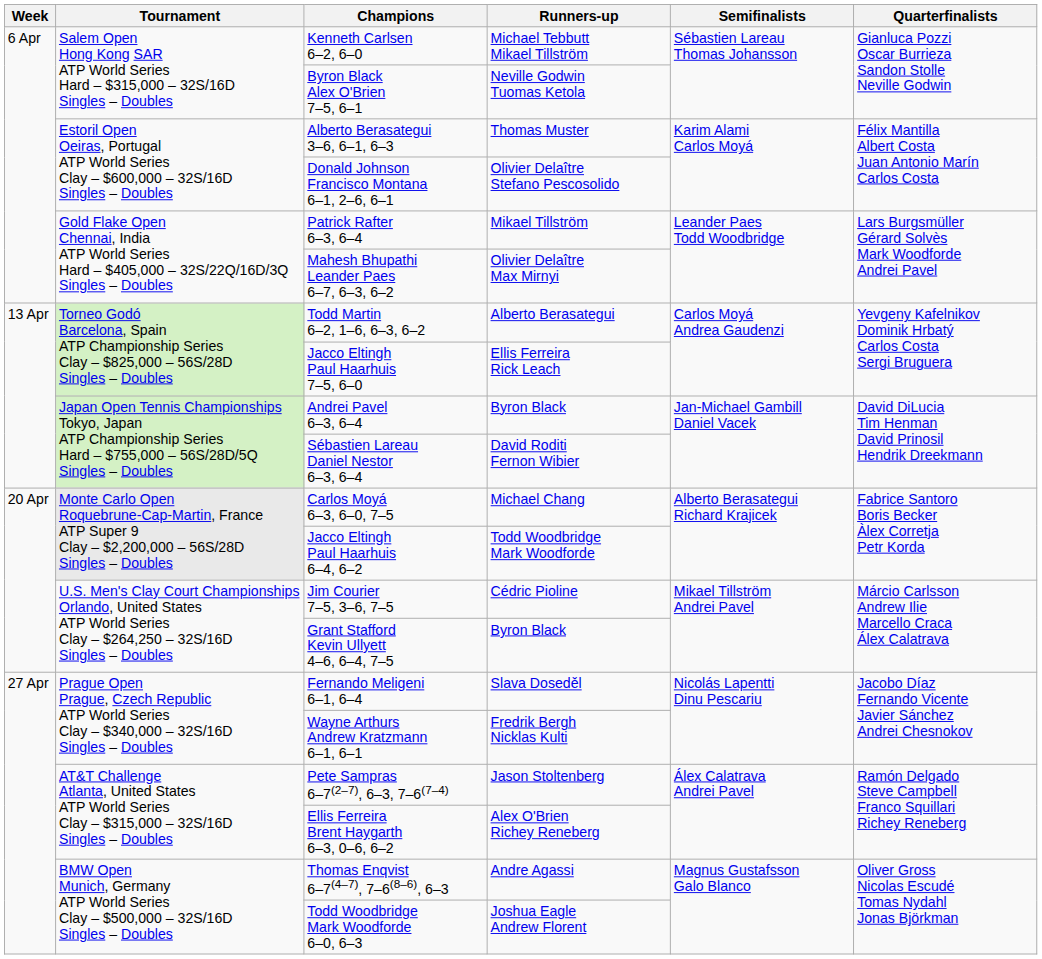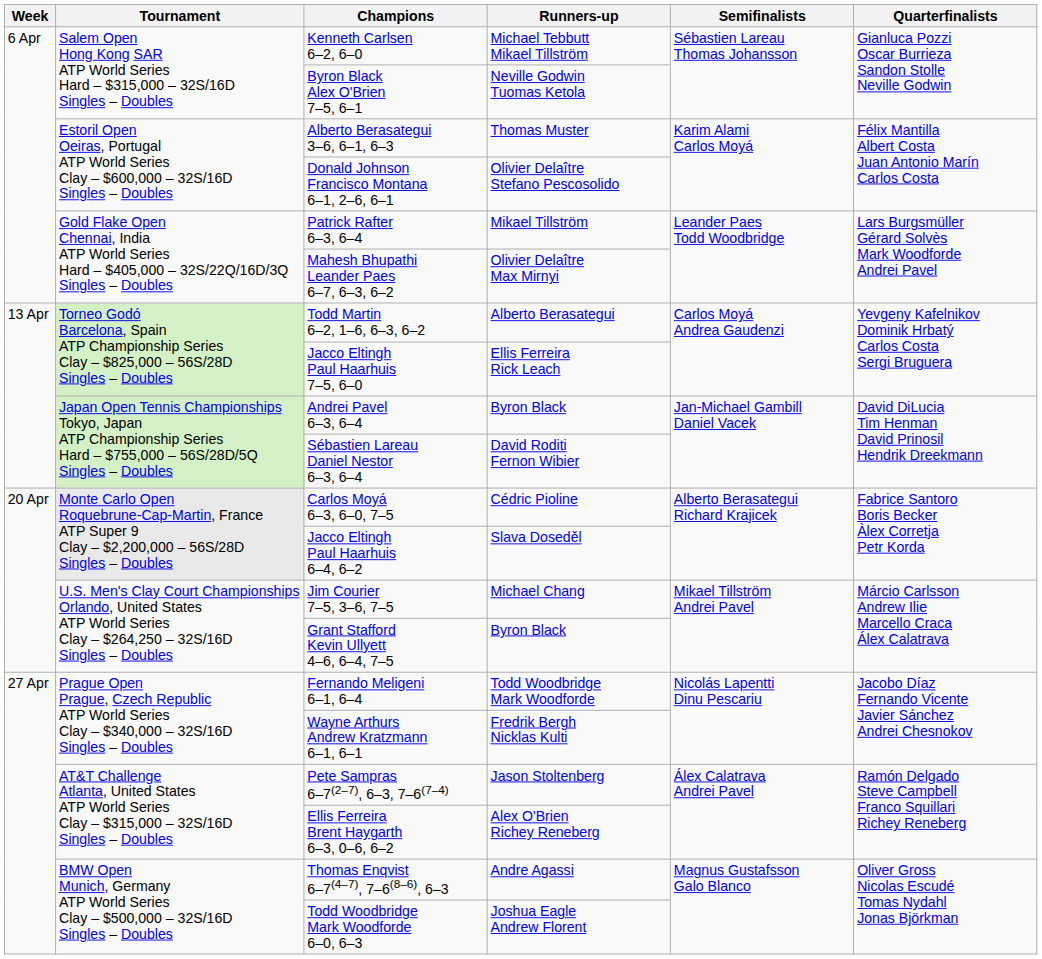 <table class=wikitable style=font-size:95%>
 <tr>
 <th style="width:48px;">Week</th>
 <th style="width:260px;">Tournament</th>
 <th style="width:190px;">Champions</th>
 <th style="width:190px;">Runners-up</th>
 <th style="width:190px;">Semifinalists</th>
 <th style="width:190px;">Quarterfinalists</th>
 </tr>
 <tr valign=top>
 <td rowspan=6>6 Apr</td>
 <td rowspan=2><a href='#'>Salem Open</a><br><a href='#'>Hong Kong</a> <a href='#'>SAR</a><br>ATP World Series<br>Hard – $315,000 – 32S/16D<br><a href='#'>Singles</a> – <a href='#'>Doubles</a></td>
 <td> <a href='#'>Kenneth Carlsen</a><br>6–2, 6–0</td>
 <td> <a href='#'>Michael Tebbutt</a><br> <a href='#'>Mikael Tillström</a></td>
 <td rowspan=2> <a href='#'>Sébastien Lareau</a><br> <a href='#'>Thomas Johansson</a></td>
 <td rowspan=2> <a href='#'>Gianluca Pozzi</a><br> <a href='#'>Oscar Burrieza</a><br> <a href='#'>Sandon Stolle</a><br> <a href='#'>Neville Godwin</a></td>
 </tr>
 <tr valign=top>
 <td> <a href='#'>Byron Black</a><br> <a href='#'>Alex O'Brien</a> <br> 7–5, 6–1</td>
 <td> <a href='#'>Neville Godwin</a><br> <a href='#'>Tuomas Ketola</a></td>
 </tr>
 <tr valign=top>
 <td rowspan=2><a href='#'>Estoril Open</a><br><a href='#'>Oeiras</a>, Portugal<br>ATP World Series<br>Clay – $600,000 – 32S/16D<br><a href='#'>Singles</a> – <a href='#'>Doubles</a></td>
 <td> <a href='#'>Alberto Berasategui</a><br>3–6, 6–1, 6–3</td>
 <td> <a href='#'>Thomas Muster</a></td>
 <td rowspan=2> <a href='#'>Karim Alami</a><br>  <a href='#'>Carlos Moyá</a></td>
 <td rowspan=2> <a href='#'>Félix Mantilla</a><br> <a href='#'>Albert Costa</a><br> <a href='#'>Juan Antonio Marín</a><br> <a href='#'>Carlos Costa</a></td>
 </tr>
 <tr valign=top>
 <td> <a href='#'>Donald Johnson</a><br> <a href='#'>Francisco Montana</a><br>6–1, 2–6, 6–1</td>
 <td> <a href='#'>Olivier Delaître</a><br> <a href='#'>Stefano Pescosolido</a></td>
 </tr>
 <tr valign=top>
 <td rowspan=2><a href='#'>Gold Flake Open</a><br><a href='#'>Chennai</a>, India<br>ATP World Series<br>Hard – $405,000 – 32S/22Q/16D/3Q<br><a href='#'>Singles</a> – <a href='#'>Doubles</a></td>
 <td> <a href='#'>Patrick Rafter</a><br>6–3, 6–4</td>
 <td> <a href='#'>Mikael Tillström</a></td>
 <td rowspan=2> <a href='#'>Leander Paes</a><br>  <a href='#'>Todd Woodbridge</a></td>
 <td rowspan=2> <a href='#'>Lars Burgsmüller</a><br> <a href='#'>Gérard Solvès</a><br> <a href='#'>Mark Woodforde</a><br> <a href='#'>Andrei Pavel</a></td>
 </tr>
 <tr valign=top>
 <td> <a href='#'>Mahesh Bhupathi</a><br> <a href='#'>Leander Paes</a><br>6–7, 6–3, 6–2</td>
 <td> <a href='#'>Olivier Delaître</a><br> <a href='#'>Max Mirnyi</a></td>
 </tr>
 <tr valign=top>
 <td rowspan=4>13 Apr</td>
 <td style="background:#d4f1c5;" rowspan="2"><a href='#'>Torneo Godó</a><br><a href='#'>Barcelona</a>, Spain<br>ATP Championship Series<br>Clay – $825,000 – 56S/28D<br><a href='#'>Singles</a> – <a href='#'>Doubles</a></td>
 <td> <a href='#'>Todd Martin</a><br>6–2, 1–6, 6–3, 6–2</td>
 <td> <a href='#'>Alberto Berasategui</a></td>
 <td rowspan=2> <a href='#'>Carlos Moyá</a><br> <a href='#'>Andrea Gaudenzi</a></td>
 <td rowspan=2> <a href='#'>Yevgeny Kafelnikov</a><br> <a href='#'>Dominik Hrbatý</a><br> <a href='#'>Carlos Costa</a><br> <a href='#'>Sergi Bruguera</a></td>
 </tr>
 <tr valign=top>
 <td> <a href='#'>Jacco Eltingh</a><br> <a href='#'>Paul Haarhuis</a> <br> 7–5, 6–0</td>
 <td> <a href='#'>Ellis Ferreira</a><br> <a href='#'>Rick Leach</a></td>
 </tr>
 <tr valign=top>
 <td style="background:#d4f1c5;" rowspan="2"><a href='#'>Japan Open Tennis Championships</a><br>Tokyo, Japan<br>ATP Championship Series<br>Hard – $755,000 – 56S/28D/5Q<br><a href='#'>Singles</a> – <a href='#'>Doubles</a></td>
 <td> <a href='#'>Andrei Pavel</a><br>6–3, 6–4</td>
 <td> <a href='#'>Byron Black</a></td>
 <td rowspan=2> <a href='#'>Jan-Michael Gambill</a><br>  <a href='#'>Daniel Vacek</a></td>
 <td rowspan=2> <a href='#'>David DiLucia</a><br> <a href='#'>Tim Henman</a><br> <a href='#'>David Prinosil</a><br> <a href='#'>Hendrik Dreekmann</a></td>
 </tr>
 <tr valign=top>
 <td> <a href='#'>Sébastien Lareau</a><br> <a href='#'>Daniel Nestor</a><br>6–3, 6–4</td>
 <td> <a href='#'>David Roditi</a><br> <a href='#'>Fernon Wibier</a></td>
 </tr>
 <tr valign=top>
 <td rowspan=4>20 Apr</td>
 <td style="background:#e9e9e9;" rowspan="2"><a href='#'>Monte Carlo Open</a><br><a href='#'>Roquebrune-Cap-Martin</a>, France<br>ATP Super 9 <br>Clay – $2,200,000 – 56S/28D<br><a href='#'>Singles</a> – <a href='#'>Doubles</a></td>
 <td> <a href='#'>Carlos Moyá</a><br>6–3, 6–0, 7–5</td>
-<td> <a href='#'>Michael Chang</a></td>
+<td> <a href='#'>Cédric Pioline</a></td>
 <td rowspan=2> <a href='#'>Alberto Berasategui</a><br> <a href='#'>Richard Krajicek</a></td>
 <td rowspan=2> <a href='#'>Fabrice Santoro</a><br> <a href='#'>Boris Becker</a><br> <a href='#'>Àlex Corretja</a><br> <a href='#'>Petr Korda</a></td>
 </tr>
 <tr valign=top>
 <td> <a href='#'>Jacco Eltingh</a><br> <a href='#'>Paul Haarhuis</a> <br> 6–4, 6–2</td>
-<td> <a href='#'>Todd Woodbridge</a><br> <a href='#'>Mark Woodforde</a></td>
+<td> <a href='#'>Slava Doseděl</a></td>
 </tr>
 <tr valign=top>
 <td rowspan=2><a href='#'>U.S. Men's Clay Court Championships</a><br><a href='#'>Orlando</a>, United States<br>ATP World Series <br>Clay – $264,250 – 32S/16D<br><a href='#'>Singles</a> – <a href='#'>Doubles</a></td>
 <td> <a href='#'>Jim Courier</a><br>7–5, 3–6, 7–5</td>
-<td> <a href='#'>Cédric Pioline</a></td>
+<td> <a href='#'>Michael Chang</a></td>
 <td rowspan=2> <a href='#'>Mikael Tillström</a><br>  <a href='#'>Andrei Pavel</a></td>
 <td rowspan=2> <a href='#'>Márcio Carlsson</a><br> <a href='#'>Andrew Ilie</a><br> <a href='#'>Marcello Craca</a><br> <a href='#'>Álex Calatrava</a></td>
 </tr>
 <tr valign=top>
 <td> <a href='#'>Grant Stafford</a><br> <a href='#'>Kevin Ullyett</a><br>4–6, 6–4, 7–5</td>
 <td> <a href='#'>Byron Black</a></td>
 </tr>
 <tr valign=top>
 <td rowspan=6>27 Apr</td>
 <td rowspan=2><a href='#'>Prague Open</a><br><a href='#'>Prague</a>, <a href='#'>Czech Republic</a> <br>ATP World Series<br>Clay – $340,000 – 32S/16D<br><a href='#'>Singles</a> – <a href='#'>Doubles</a></td>
 <td> <a href='#'>Fernando Meligeni</a><br>6–1, 6–4</td>
-<td> <a href='#'>Slava Doseděl</a></td>
+<td> <a href='#'>Todd Woodbridge</a><br> <a href='#'>Mark Woodforde</a></td>
 <td rowspan=2> <a href='#'>Nicolás Lapentti</a><br>  <a href='#'>Dinu Pescariu</a></td>
 <td rowspan=2> <a href='#'>Jacobo Díaz</a><br> <a href='#'>Fernando Vicente</a><br> <a href='#'>Javier Sánchez</a><br> <a href='#'>Andrei Chesnokov</a></td>
 </tr>
 <tr valign=top>
 <td> <a href='#'>Wayne Arthurs</a><br> <a href='#'>Andrew Kratzmann</a><br>6–1, 6–1</td>
 <td> <a href='#'>Fredrik Bergh</a><br> <a href='#'>Nicklas Kulti</a></td>
 </tr>
 <tr valign=top>
 <td rowspan=2><a href='#'>AT&T Challenge</a><br><a href='#'>Atlanta</a>, United States <br>ATP World Series<br>Clay – $315,000 – 32S/16D<br><a href='#'>Singles</a> – <a href='#'>Doubles</a></td>
 <td> <a href='#'>Pete Sampras</a><br>6–7<sup>(2–7)</sup>, 6–3, 7–6<sup>(7–4)</sup></td>
 <td> <a href='#'>Jason Stoltenberg</a></td>
 <td rowspan=2> <a href='#'>Álex Calatrava</a><br>  <a href='#'>Andrei Pavel</a></td>
 <td rowspan=2> <a href='#'>Ramón Delgado</a><br> <a href='#'>Steve Campbell</a><br> <a href='#'>Franco Squillari</a><br> <a href='#'>Richey Reneberg</a></td>
 </tr>
 <tr valign=top>
 <td> <a href='#'>Ellis Ferreira</a><br> <a href='#'>Brent Haygarth</a><br>6–3, 0–6, 6–2</td>
 <td> <a href='#'>Alex O'Brien</a><br> <a href='#'>Richey Reneberg</a></td>
 </tr>
 <tr valign=top>
 <td rowspan=2><a href='#'>BMW Open</a><br><a href='#'>Munich</a>, Germany <br>ATP World Series<br>Clay – $500,000 – 32S/16D<br><a href='#'>Singles</a> – <a href='#'>Doubles</a></td>
 <td> <a href='#'>Thomas Enqvist</a><br>6–7<sup>(4–7)</sup>, 7–6<sup>(8–6)</sup>, 6–3</td>
 <td> <a href='#'>Andre Agassi</a></td>
 <td rowspan=2> <a href='#'>Magnus Gustafsson</a><br>  <a href='#'>Galo Blanco</a></td>
 <td rowspan=2> <a href='#'>Oliver Gross</a><br> <a href='#'>Nicolas Escudé</a><br> <a href='#'>Tomas Nydahl</a><br> <a href='#'>Jonas Björkman</a></td>
 </tr>
 <tr valign=top>
 <td> <a href='#'>Todd Woodbridge</a><br> <a href='#'>Mark Woodforde</a><br>6–0, 6–3</td>
 <td> <a href='#'>Joshua Eagle</a><br> <a href='#'>Andrew Florent</a></td>
 </tr>
 </table>
